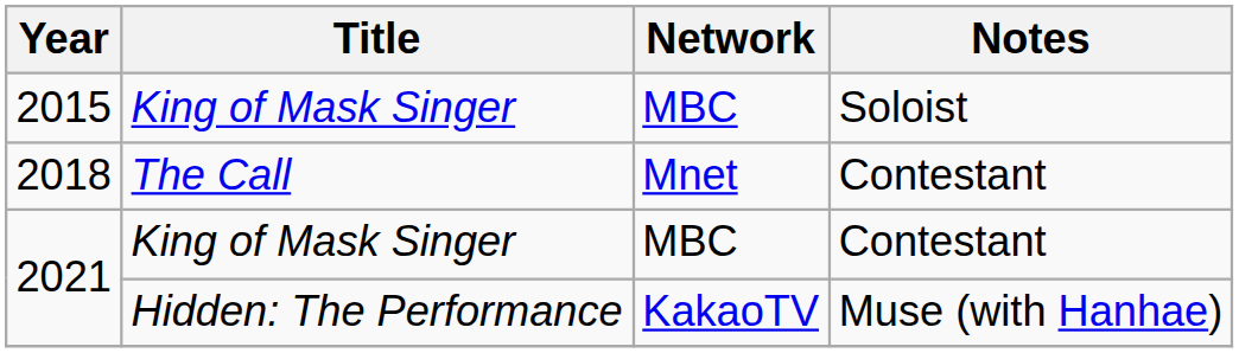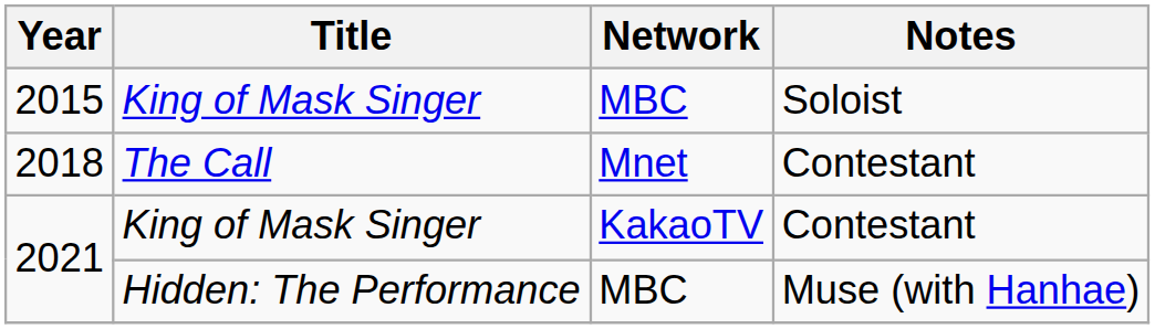 <table class="wikitable">
 <tr style="text-align:center;">
 <th>Year</th>
 <th>Title</th>
 <th>Network</th>
 <th>Notes</th>
 </tr>
 <tr>
 <td>2015</td>
 <td><em><a href='#'>King of Mask Singer</a></em></td>
 <td><a href='#'>MBC</a></td>
 <td>Soloist</td>
 </tr>
 <tr>
 <td>2018</td>
 <td><em><a href='#'>The Call</a></em></td>
 <td><a href='#'>Mnet</a></td>
 <td>Contestant</td>
 </tr>
 <tr>
 <td rowspan="2">2021</td>
 <td><em>King of Mask Singer</em></td>
-<td>MBC</td>
+<td><a href='#'>KakaoTV</a></td>
 <td>Contestant</td>
 </tr>
 <tr>
 <td><em>Hidden: The Performance</em></td>
-<td><a href='#'>KakaoTV</a></td>
+<td>MBC</td>
 <td>Muse (with <a href='#'>Hanhae</a>)</td>
 </tr>
 <tr>
 </tr>
 </table>
